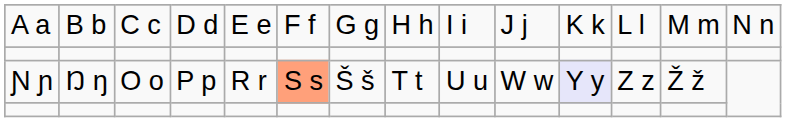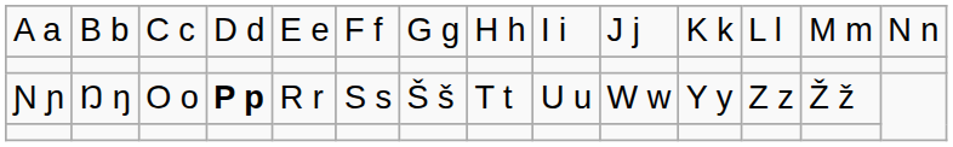 <table class="wikitable">
 <tr>
 <td>A a</td>
 <td>B b</td>
 <td>C c</td>
 <td>D d</td>
 <td>E e</td>
 <td>F f</td>
 <td>G g</td>
 <td>H h</td>
 <td>I i</td>
 <td>J j</td>
 <td>K k</td>
 <td>L l</td>
 <td>M m</td>
 <td>N n</td>
 </tr>
 <tr>
 <td></td>
 <td></td>
 <td></td>
 <td></td>
 <td></td>
 <td></td>
 <td></td>
 <td></td>
 <td></td>
 <td></td>
 <td></td>
 <td></td>
 <td></td>
 <td></td>
 </tr>
 <tr>
 <td>Ɲ ɲ</td>
 <td>Ŋ ŋ</td>
 <td>O o</td>
-<td>P p</td>
+<td><strong>P p</strong></td>
 <td>R r</td>
-<td style="background: lightsalmon;">S s</td>
+<td>S s</td>
 <td>Š š</td>
 <td>T t</td>
 <td>U u</td>
 <td>W w</td>
-<td style="background: lavender;">Y y</td>
+<td>Y y</td>
 <td>Z z</td>
 <td>Ž ž</td>
 </tr>
 <tr>
 <td></td>
 <td></td>
 <td></td>
 <td></td>
 <td></td>
 <td></td>
 <td></td>
 <td></td>
 <td></td>
 <td></td>
 <td></td>
 <td></td>
 <td></td>
 </tr>
 </table>
